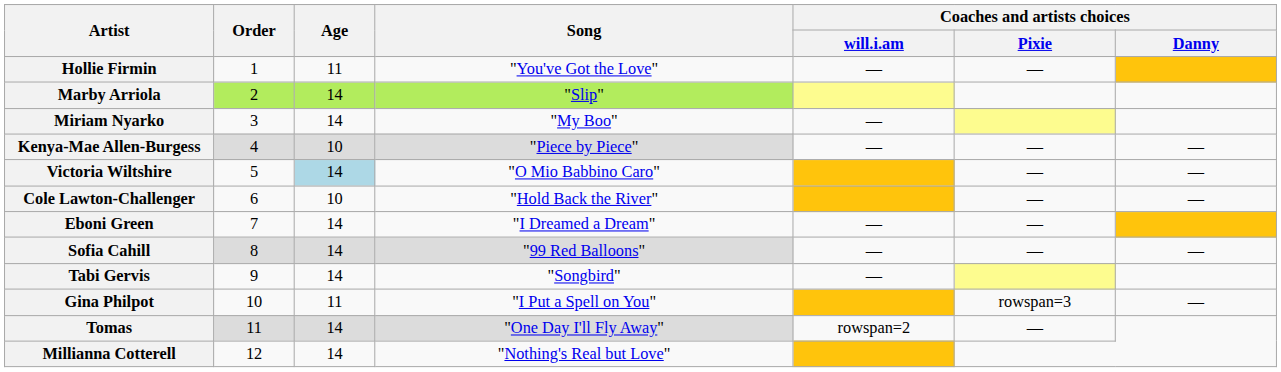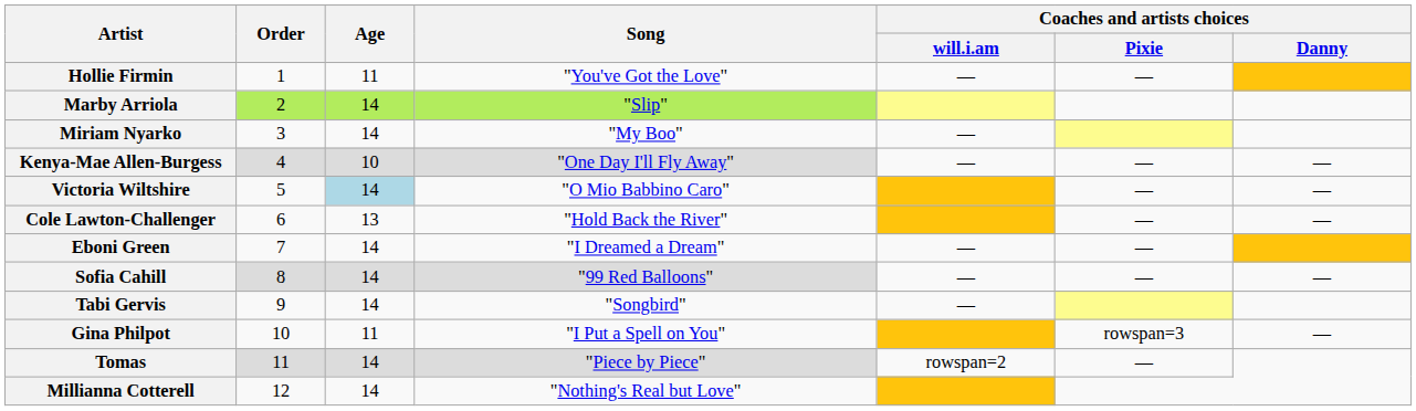 <table class="wikitable plainrowheaders" style="text-align:center;">
 <tr>
 </tr>
 <tr>
 <th scope="col" rowspan="2" style="width:13%;">Artist</th>
 <th scope="col" rowspan="2" style="width:05%;">Order</th>
 <th scope="col" rowspan="2" style="width:05%;">Age</th>
 <th scope="col" rowspan="2" style="width:26%;">Song</th>
 <th colspan="3" style="width:40%;">Coaches and artists choices</th>
 </tr>
 <tr>
 <th style="width:10%;"><a href='#'>will.i.am</a></th>
 <th style="width:10%;"><a href='#'>Pixie</a></th>
 <th style="width:10%;"><a href='#'>Danny</a></th>
 </tr>
 <tr>
 <th scope="row"><div> Hollie Firmin </div></th>
 <td>1</td>
 <td>11</td>
 <td>"<a href='#'>You've Got the Love</a>"</td>
 <td>—</td>
 <td>—</td>
 <td style="background:#FFC40C;"><strong></strong></td>
 </tr>
 <tr>
 <th scope="row"><div> Marby Arriola </div></th>
 <td style="background-color:#B2EC5D;">2</td>
 <td style="background-color:#B2EC5D;">14</td>
 <td style="background-color:#B2EC5D;">"<a href='#'>Slip</a>"</td>
 <td style="background:#fdfc8f;"><strong></strong></td>
 <td><strong></strong></td>
 <td><strong></strong></td>
 </tr>
 <tr>
 <th scope="row"><div> Miriam Nyarko </div></th>
 <td>3</td>
 <td>14</td>
 <td>"<a href='#'>My Boo</a>"</td>
 <td>—</td>
 <td style="background:#fdfc8f;"><strong></strong></td>
 <td><strong></strong></td>
 </tr>
 <tr>
 <th scope="row"><div> Kenya-Mae Allen-Burgess </div></th>
 <td style="background:#DCDCDC; text-align:center;">4</td>
 <td style="background:#DCDCDC; text-align:center;">10</td>
-<td style="background:#DCDCDC; text-align:center;">"<a href='#'>Piece by Piece</a>"</td>
+<td style="background:#DCDCDC; text-align:center;">"<a href='#'>One Day I'll Fly Away</a>"</td>
 <td>—</td>
 <td>—</td>
 <td>—</td>
 </tr>
 <tr>
 <th scope="row"><div> Victoria Wiltshire </div></th>
 <td>5</td>
 <td style="background: lightblue;">14</td>
 <td>"<a href='#'>O Mio Babbino Caro</a>"</td>
 <td style="background:#FFC40C;"><strong></strong></td>
 <td>—</td>
 <td>—</td>
 </tr>
 <tr>
 <th scope="row"><div> Cole Lawton-Challenger </div></th>
 <td>6</td>
-<td>10</td>
+<td>13</td>
 <td>"<a href='#'>Hold Back the River</a>"</td>
 <td style="background:#FFC40C;"><strong></strong></td>
 <td>—</td>
 <td>—</td>
 </tr>
 <tr>
 <th scope="row"><div> Eboni Green </div></th>
 <td>7</td>
 <td>14</td>
 <td>"<a href='#'>I Dreamed a Dream</a>"</td>
 <td>—</td>
 <td>—</td>
 <td style="background:#FFC40C;"><strong></strong></td>
 </tr>
 <tr>
 <th scope="row"><div> Sofia Cahill </div></th>
 <td style="background:#DCDCDC; text-align:center;">8</td>
 <td style="background:#DCDCDC; text-align:center;">14</td>
 <td style="background:#DCDCDC; text-align:center;">"<a href='#'>99 Red Balloons</a>"</td>
 <td>—</td>
 <td>—</td>
 <td>—</td>
 </tr>
 <tr>
 <th scope="row"><div> Tabi Gervis </div></th>
 <td>9</td>
 <td>14</td>
 <td>"<a href='#'>Songbird</a>"</td>
 <td>—</td>
 <td style="background:#fdfc8f;"><strong></strong></td>
 <td><strong></strong></td>
 </tr>
 <tr>
 <th scope="row"><div> Gina Philpot </div></th>
 <td>10</td>
 <td>11</td>
 <td>"<a href='#'>I Put a Spell on You</a>"</td>
 <td style="background:#FFC40C;"><strong></strong></td>
 <td>rowspan=3 </td>
 <td>—</td>
 </tr>
 <tr>
 <th scope="row"><div> Tomas </div></th>
 <td style="background:#DCDCDC; text-align:center;">11</td>
 <td style="background:#DCDCDC; text-align:center;">14</td>
-<td style="background:#DCDCDC; text-align:center;">"<a href='#'>One Day I'll Fly Away</a>"</td>
+<td style="background:#DCDCDC; text-align:center;">"<a href='#'>Piece by Piece</a>"</td>
 <td>rowspan=2 </td>
 <td>—</td>
 </tr>
 <tr>
 <th scope="row"><div> Millianna Cotterell </div></th>
 <td>12</td>
 <td>14</td>
 <td>"<a href='#'>Nothing's Real but Love</a>"</td>
 <td style="background:#FFC40C;"><strong></strong></td>
 </tr>
 </table>
